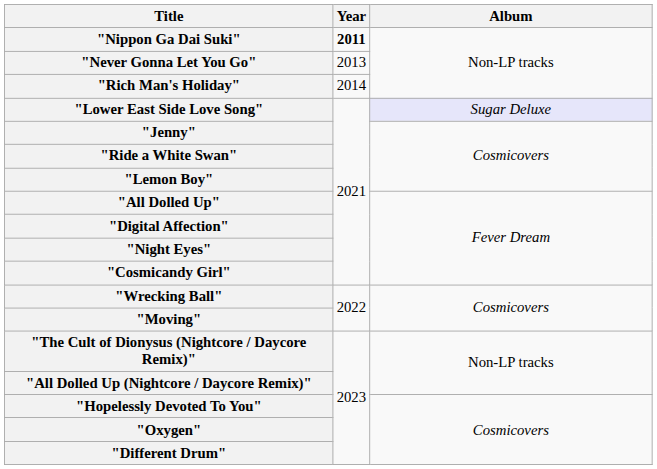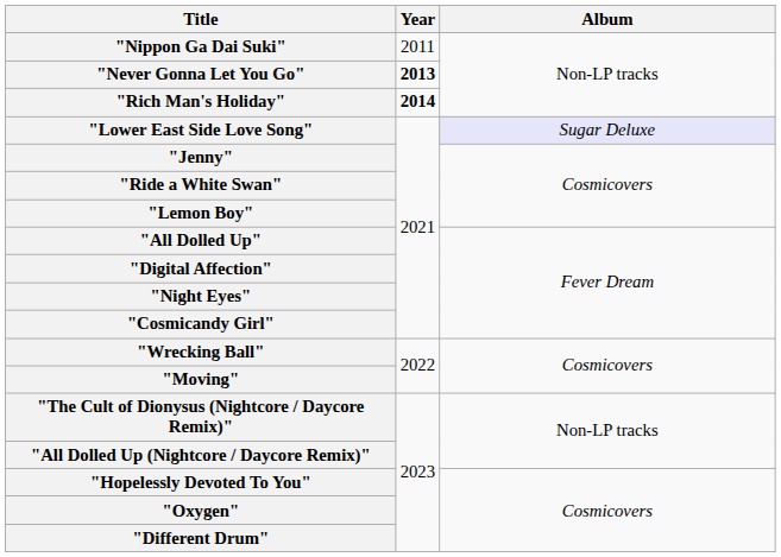 <table class="wikitable plainrowheaders" style="text-align:center;">
 <tr>
 <th rowspan="1" style="width:350px;">Title</th>
 <th rowspan="1" style="width:20px;">Year</th>
 <th rowspan="1" style="width:300px;">Album</th>
 </tr>
 <tr>
 <th scope="row">"Nippon Ga Dai Suki"</th>
-<td><strong>2011</strong></td>
+<td>2011</td>
 <td rowspan="3">Non-LP tracks</td>
 </tr>
 <tr>
 <th scope="row">"Never Gonna Let You Go"</th>
-<td>2013</td>
+<td><strong>2013</strong></td>
 </tr>
 <tr>
 <th scope="row">"Rich Man's Holiday"</th>
-<td>2014</td>
+<td><strong>2014</strong></td>
 </tr>
 <tr>
 <th scope="row">"Lower East Side Love Song"</th>
 <td rowspan="8">2021</td>
 <td style="background: lavender;"><em>Sugar Deluxe</em></td>
 </tr>
 <tr>
 <th scope="row">"Jenny"</th>
 <td rowspan="3"><em>Cosmicovers</em></td>
 </tr>
 <tr>
 <th scope="row">"Ride a White Swan"</th>
 </tr>
 <tr>
 <th scope="row">"Lemon Boy"</th>
 </tr>
 <tr>
 <th scope="row">"All Dolled Up"</th>
 <td rowspan="4"><em>Fever Dream</em></td>
 </tr>
 <tr>
 <th scope="row">"Digital Affection"</th>
 </tr>
 <tr>
 <th scope="row">"Night Eyes"</th>
 </tr>
 <tr>
 <th scope="row">"Cosmicandy Girl"</th>
 </tr>
 <tr>
 <th scope="row">"Wrecking Ball"</th>
 <td rowspan="2">2022</td>
 <td rowspan="2"><em>Cosmicovers</em></td>
 </tr>
 <tr>
 <th scope="row">"Moving"</th>
 </tr>
 <tr>
 <th scope="row">"The Cult of Dionysus (Nightcore / Daycore Remix)"</th>
 <td rowspan="5">2023</td>
 <td rowspan="2">Non-LP tracks</td>
 </tr>
 <tr>
 <th scope="row">"All Dolled Up (Nightcore / Daycore Remix)"</th>
 </tr>
 <tr>
 <th scope="row">"Hopelessly Devoted To You"</th>
 <td rowspan="3"><em>Cosmicovers</em></td>
 </tr>
 <tr>
 <th scope="row">"Oxygen"</th>
 </tr>
 <tr>
 <th scope="row">"Different Drum"</th>
 </tr>
 </table>
